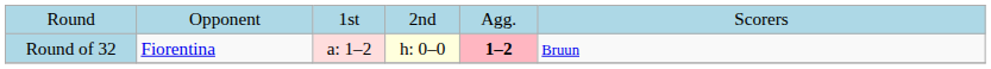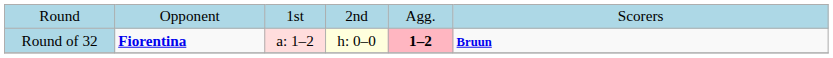 <table class="wikitable" style="text-align:center">
 <tr bgcolor=lightblue>
 <td width=150px>Round</td>
 <td width=200px>Opponent</td>
 <td width=80px>1st</td>
 <td width=80px>2nd</td>
 <td width=80px>Agg.</td>
 <td width=600px>Scorers</td>
 </tr>
 <tr>
 <td bgcolor=lightblue>Round of 32</td>
-<td align=left> <a href='#'>Fiorentina</a></td>
+<td align=left><strong> <a href='#'>Fiorentina</a></strong></td>
 <td bgcolor=#ffdddd>a: 1–2</td>
 <td bgcolor="ffffdd">h: 0–0</td>
 <td bgcolor=lightpink><strong>1–2</strong></td>
-<td align=left><small><a href='#'>Bruun</a></small></td>
+<td align=left><strong><small><a href='#'>Bruun</a></small></strong></td>
 </tr>
 <tr>
 </tr>
 </table>
